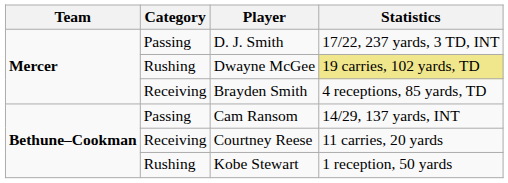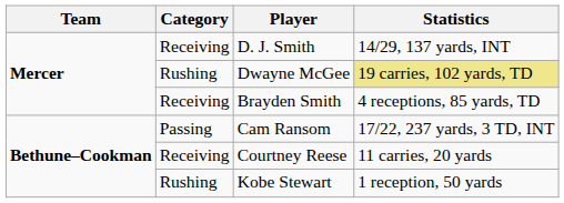 <table class="wikitable" style="float: right;">
 <tr>
 <th>Team</th>
 <th>Category</th>
 <th>Player</th>
 <th>Statistics</th>
 </tr>
 <tr>
 <td rowspan=3><strong>Mercer</strong></td>
-<td>Passing</td>
+<td>Receiving</td>
 <td>D. J. Smith</td>
-<td>17/22, 237 yards, 3 TD, INT</td>
+<td>14/29, 137 yards, INT</td>
 </tr>
 <tr>
 <td>Rushing</td>
 <td>Dwayne McGee</td>
 <td style="background: khaki;">19 carries, 102 yards, TD</td>
 </tr>
 <tr>
 <td>Receiving</td>
 <td>Brayden Smith</td>
 <td>4 receptions, 85 yards, TD</td>
 </tr>
 <tr>
 <td rowspan=3><strong>Bethune–Cookman</strong></td>
 <td>Passing</td>
 <td>Cam Ransom</td>
-<td>14/29, 137 yards, INT</td>
+<td>17/22, 237 yards, 3 TD, INT</td>
 </tr>
 <tr>
 <td>Receiving</td>
 <td>Courtney Reese</td>
 <td>11 carries, 20 yards</td>
 </tr>
 <tr>
 <td>Rushing</td>
 <td>Kobe Stewart</td>
 <td>1 reception, 50 yards</td>
 </tr>
 </table>
